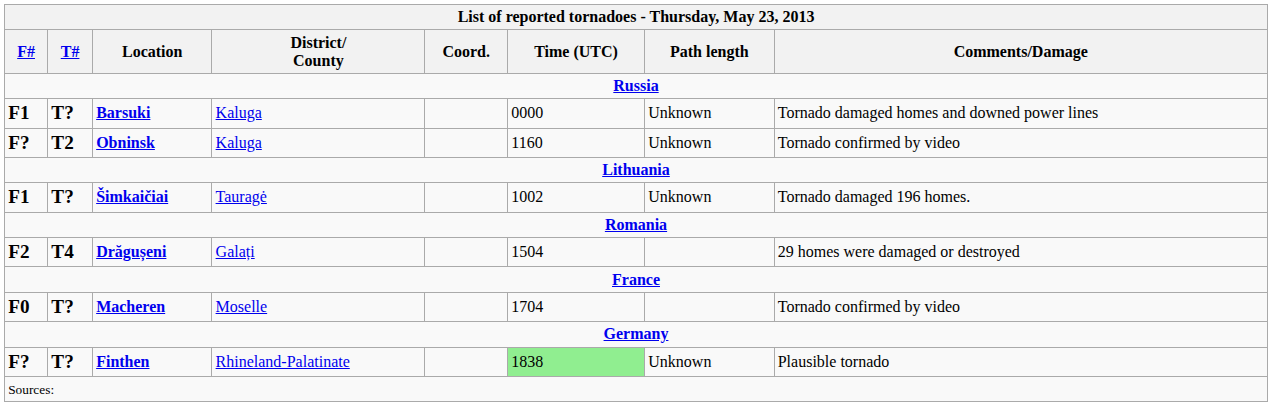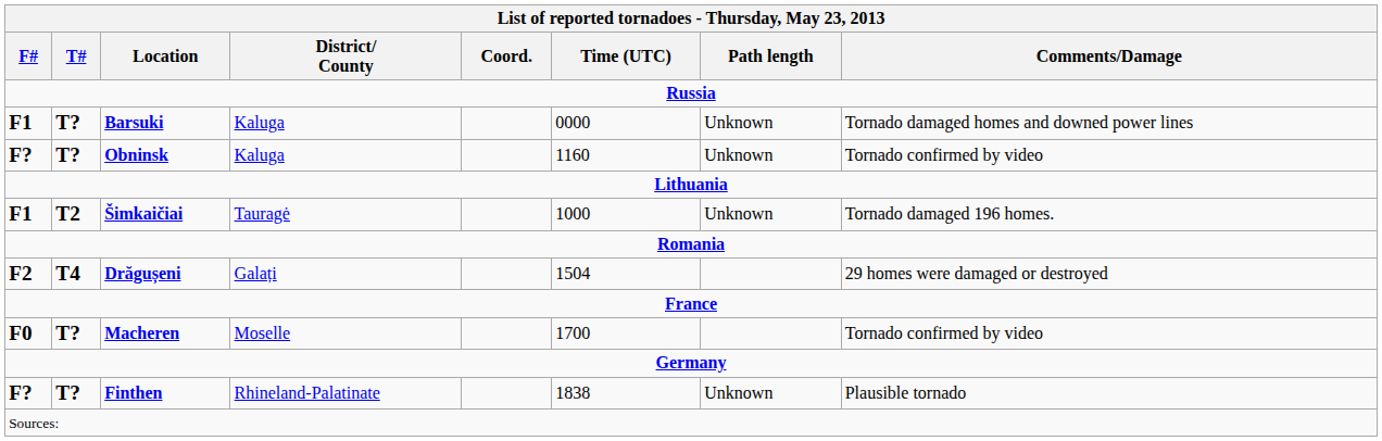 <table class="wikitable collapsible" width="100%">
 <tr>
 <th colspan="8">List of reported tornadoes - Thursday, May 23, 2013</th>
 </tr>
 <tr>
 <th><a href='#'>F#</a></th>
 <th><a href='#'>T#</a></th>
 <th>Location</th>
 <th>District/<br>County</th>
 <th>Coord.</th>
 <th>Time (UTC)</th>
 <th>Path length</th>
 <th>Comments/Damage</th>
 </tr>
 <tr>
 <td colspan="8" align=center><strong><a href='#'>Russia</a></strong></td>
 </tr>
 <tr>
 <td><big><strong>F1</strong></big></td>
 <td><big><strong>T?</strong></big></td>
 <td><strong><a href='#'>Barsuki</a></strong></td>
 <td><a href='#'>Kaluga</a></td>
 <td></td>
 <td>0000</td>
 <td>Unknown</td>
 <td>Tornado damaged homes and downed power lines</td>
 </tr>
 <tr>
 <td><big><strong>F?</strong></big></td>
-<td><big><strong>T2</strong></big></td>
+<td><big><strong>T?</strong></big></td>
 <td><strong><a href='#'>Obninsk</a></strong></td>
 <td><a href='#'>Kaluga</a></td>
 <td></td>
 <td>1160</td>
 <td>Unknown</td>
 <td>Tornado confirmed by video</td>
 </tr>
 <tr>
 <td colspan="8" align=center><strong><a href='#'>Lithuania</a></strong></td>
 </tr>
 <tr>
 <td><big><strong>F1</strong></big></td>
-<td><big><strong>T?</strong></big></td>
+<td><big><strong>T2</strong></big></td>
 <td><strong><a href='#'>Šimkaičiai</a></strong></td>
 <td><a href='#'>Tauragė</a></td>
 <td></td>
-<td>1002</td>
+<td>1000</td>
 <td>Unknown</td>
 <td>Tornado damaged 196 homes.</td>
 </tr>
 <tr>
 <td colspan="8" align=center><strong><a href='#'>Romania</a></strong></td>
 </tr>
 <tr>
 <td><big><strong>F2</strong></big></td>
 <td><big><strong>T4</strong></big></td>
 <td><strong><a href='#'>Drăgușeni</a></strong></td>
 <td><a href='#'>Galați</a></td>
 <td></td>
 <td>1504</td>
 <td></td>
 <td>29 homes were damaged or destroyed</td>
 </tr>
 <tr>
 <td colspan="8" align=center><strong><a href='#'>France</a></strong></td>
 </tr>
 <tr>
 <td><big><strong>F0</strong></big></td>
 <td><big><strong>T?</strong></big></td>
 <td><strong><a href='#'>Macheren</a></strong></td>
 <td><a href='#'>Moselle</a></td>
 <td></td>
-<td>1704</td>
+<td>1700</td>
 <td></td>
 <td>Tornado confirmed by video</td>
 </tr>
 <tr>
 <td colspan="8" align=center><strong><a href='#'>Germany</a></strong></td>
 </tr>
 <tr>
 <td><big><strong>F?</strong></big></td>
 <td><big><strong>T?</strong></big></td>
 <td><strong><a href='#'>Finthen</a></strong></td>
 <td><a href='#'>Rhineland-Palatinate</a></td>
 <td></td>
-<td style="background: lightgreen;">1838</td>
+<td>1838</td>
 <td>Unknown</td>
 <td>Plausible tornado</td>
 </tr>
 <tr>
 <td colspan="8"><small>Sources:  </small></td>
 </tr>
 </table>
